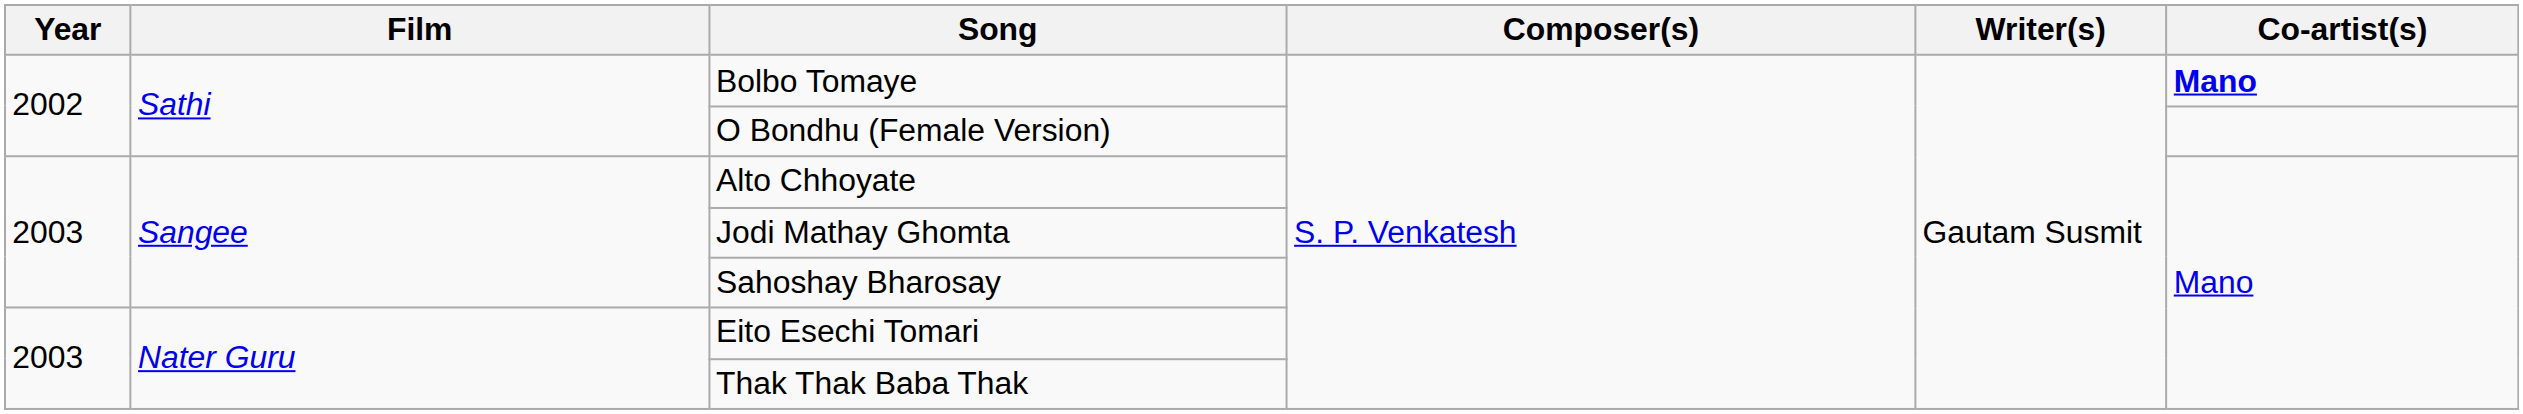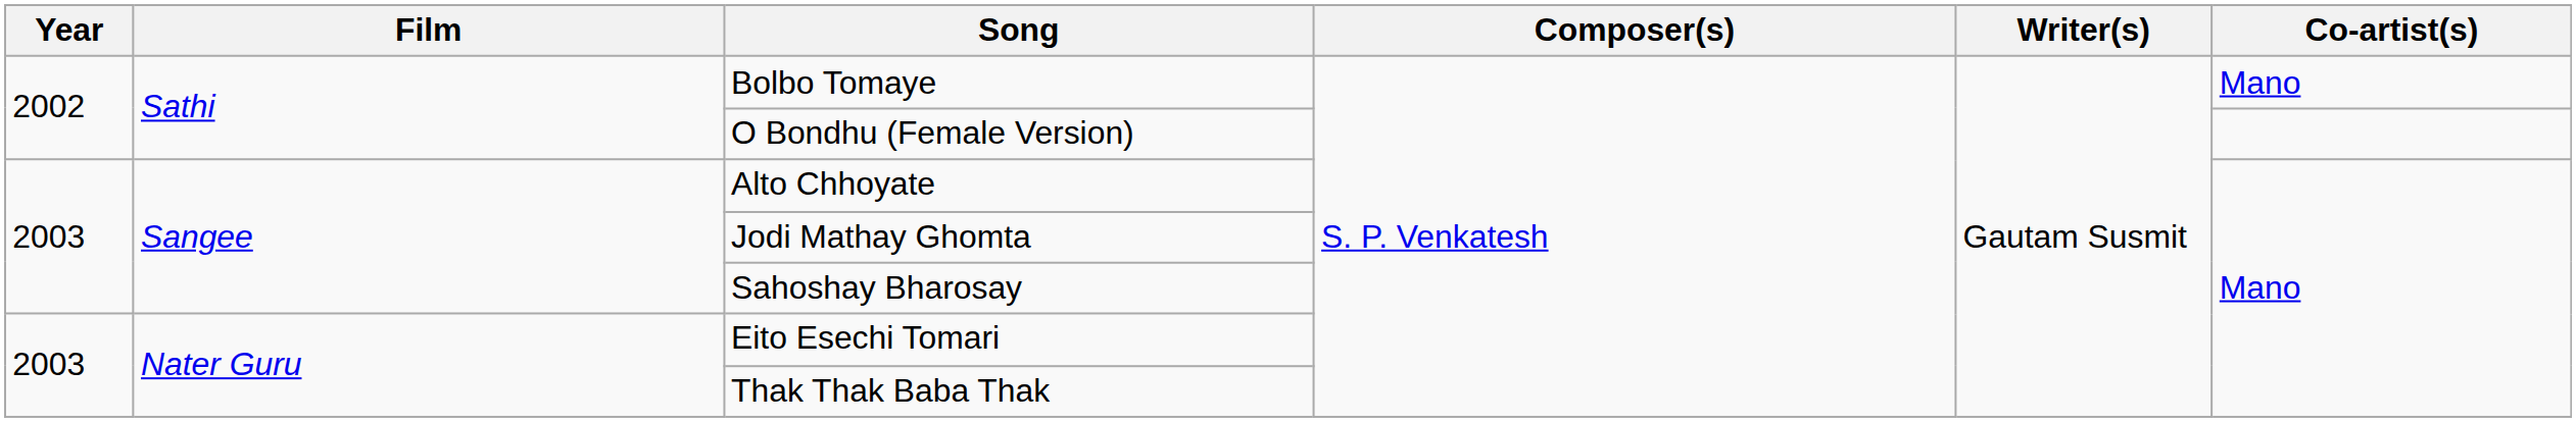 <table class="wikitable plainrowheaders" width="100%" textcolor:#000;">
 <tr style="background:#b0e0e66;">
 <th scope="col" width=5%><strong>Year</strong></th>
 <th scope="col" width=23%><strong>Film</strong></th>
 <th scope="col" width=23%><strong>Song</strong></th>
 <th scope="col" width=25%><strong>Composer(s)</strong></th>
 <th scope="col" width=10%><strong>Writer(s)</strong></th>
 <th scope="col" width=20%><strong>Co-artist(s)</strong></th>
 </tr>
 <tr>
 <td rowspan="2">2002</td>
 <td rowspan="2"><em><a href='#'>Sathi</a></em></td>
 <td>Bolbo Tomaye</td>
 <td rowspan="7"><a href='#'>S. P. Venkatesh</a></td>
 <td rowspan="7">Gautam Susmit</td>
-<td rowspan="1"><strong><a href='#'>Mano</a></strong></td>
+<td rowspan="1"><a href='#'>Mano</a></td>
 </tr>
 <tr>
 <td>O Bondhu (Female Version)</td>
 <td></td>
 </tr>
 <tr>
 <td rowspan="3">2003</td>
 <td rowspan="3"><em><a href='#'>Sangee</a></em></td>
 <td>Alto Chhoyate</td>
 <td rowspan="5"><a href='#'>Mano</a></td>
 </tr>
 <tr>
 <td>Jodi Mathay Ghomta</td>
 </tr>
 <tr>
 <td>Sahoshay Bharosay</td>
 </tr>
 <tr>
 <td rowspan="2">2003</td>
 <td rowspan="2"><em><a href='#'>Nater Guru</a></em></td>
 <td>Eito Esechi Tomari</td>
 </tr>
 <tr>
 <td>Thak Thak Baba Thak</td>
 </tr>
 </table>
